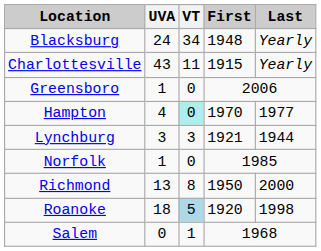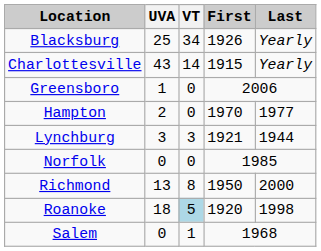 <table class="wikitable">
 <tr>
 <th style="background:#CCCCCC; text-align:center"><strong>Location</strong></th>
 <th><strong>UVA</strong></th>
 <th><strong>VT</strong></th>
 <th style="background:#CCCCCC; text-align:center">First</th>
 <th style="background:#CCCCCC; text-align:center">Last</th>
 </tr>
 <tr>
 <td align=center><a href='#'>Blacksburg</a></td>
-<td align=center>24</td>
+<td align=center>25</td>
 <td align=center>34</td>
-<td>1948</td>
+<td>1926</td>
 <td><em>Yearly</em></td>
 </tr>
 <tr>
 <td align=center><a href='#'>Charlottesville</a></td>
 <td align=center>43</td>
-<td align=center>11</td>
+<td align=center>14</td>
 <td>1915</td>
 <td><em>Yearly</em></td>
 </tr>
 <tr>
 <td align=center><a href='#'>Greensboro</a></td>
 <td align=center>1</td>
 <td align=center>0</td>
 <td colspan="2" style="text-align:center">2006</td>
 </tr>
 <tr>
 <td align=center><a href='#'>Hampton</a></td>
-<td align=center>4</td>
-<td align=center style="background: paleturquoise;">0</td>
+<td align=center>2</td>
+<td align=center>0</td>
 <td>1970</td>
 <td>1977</td>
 </tr>
 <tr>
 <td align=center><a href='#'>Lynchburg</a></td>
 <td align=center>3</td>
 <td align=center>3</td>
 <td>1921</td>
 <td>1944</td>
 </tr>
 <tr>
 <td align=center><a href='#'>Norfolk</a></td>
-<td align=center>1</td>
+<td align=center>0</td>
 <td align=center>0</td>
 <td colspan="2" style="text-align:center">1985</td>
 </tr>
 <tr>
 <td align=center><a href='#'>Richmond</a></td>
 <td align=center>13</td>
 <td align=center>8</td>
 <td>1950</td>
 <td>2000</td>
 </tr>
 <tr>
 <td align=center><a href='#'>Roanoke</a></td>
 <td align=center>18</td>
 <td align=center style="background: lightblue;">5</td>
 <td>1920</td>
 <td>1998</td>
 </tr>
 <tr>
 <td align=center><a href='#'>Salem</a></td>
 <td align=center>0</td>
 <td align=center>1</td>
 <td colspan="2" style="text-align:center">1968</td>
 </tr>
 </table>
